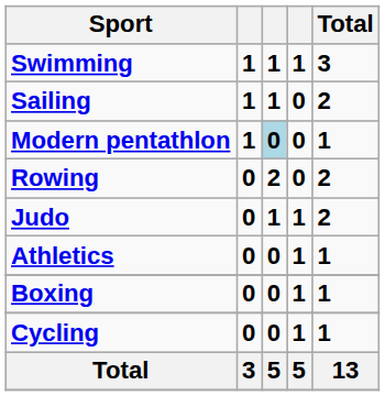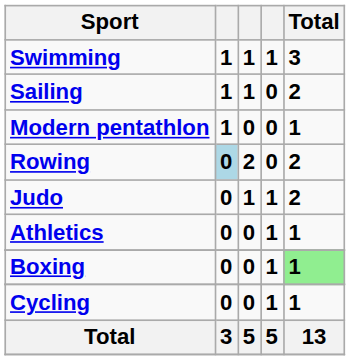 <table class="wikitable" style="font-size:85%;style="text-align:center;" align="right">
 <tr>
 <th>Sport</th>
 <th></th>
 <th></th>
 <th></th>
 <th>Total</th>
 </tr>
 <tr style="font-weight:bold;">
 <td><a href='#'>Swimming</a></td>
 <td>1</td>
 <td>1</td>
 <td>1</td>
 <td>3</td>
 </tr>
 <tr style="font-weight:bold;">
 <td><a href='#'>Sailing</a></td>
 <td>1</td>
 <td>1</td>
 <td>0</td>
 <td>2</td>
 </tr>
 <tr style="font-weight:bold;">
 <td><a href='#'>Modern pentathlon</a></td>
 <td>1</td>
-<td style="background: lightblue;">0</td>
+<td>0</td>
 <td>0</td>
 <td>1</td>
 </tr>
 <tr style="font-weight:bold;">
 <td><a href='#'>Rowing</a></td>
-<td>0</td>
+<td style="background: lightblue;">0</td>
 <td>2</td>
 <td>0</td>
 <td>2</td>
 </tr>
 <tr style="font-weight:bold;">
 <td><a href='#'>Judo</a></td>
 <td>0</td>
 <td>1</td>
 <td>1</td>
 <td>2</td>
 </tr>
 <tr style="font-weight:bold;">
 <td><a href='#'>Athletics</a></td>
 <td>0</td>
 <td>0</td>
 <td>1</td>
 <td>1</td>
 </tr>
 <tr>
 </tr>
 <tr style="font-weight:bold;">
 <td><a href='#'>Boxing</a></td>
 <td>0</td>
 <td>0</td>
 <td>1</td>
-<td>1</td>
+<td style="background: lightgreen;">1</td>
 </tr>
 <tr>
 </tr>
 <tr style="font-weight:bold;">
 <td><a href='#'>Cycling</a></td>
 <td>0</td>
 <td>0</td>
 <td>1</td>
 <td>1</td>
 </tr>
 <tr>
 <th>Total</th>
 <th>3</th>
 <th>5</th>
 <th>5</th>
 <th>13</th>
 </tr>
 <tr>
 </tr>
 </table>
